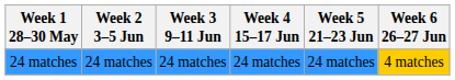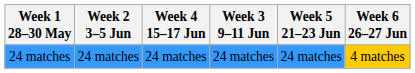 <table class="wikitable" style="margin:0.9em auto; font-size:90%; line-height:1.25em;">
 <tr>
 <th>Week 1<br>28–30 May</th>
 <th>Week 2<br>3–5 Jun</th>
+<th>Week 4<br>15–17 Jun</th>
 <th>Week 3<br>9–11 Jun</th>
-<th>Week 4<br>15–17 Jun</th>
 <th>Week 5<br>21–23 Jun</th>
 <th>Week 6<br>26–27 Jun</th>
 </tr>
 <tr align="center">
 <td bgcolor=#3399ff>24 matches</td>
 <td bgcolor=#3399ff>24 matches</td>
 <td bgcolor=#3399ff>24 matches</td>
 <td bgcolor=#3399ff>24 matches</td>
 <td bgcolor=#3399ff>24 matches</td>
 <td bgcolor=#ffcc00>4 matches</td>
 </tr>
 </table>
